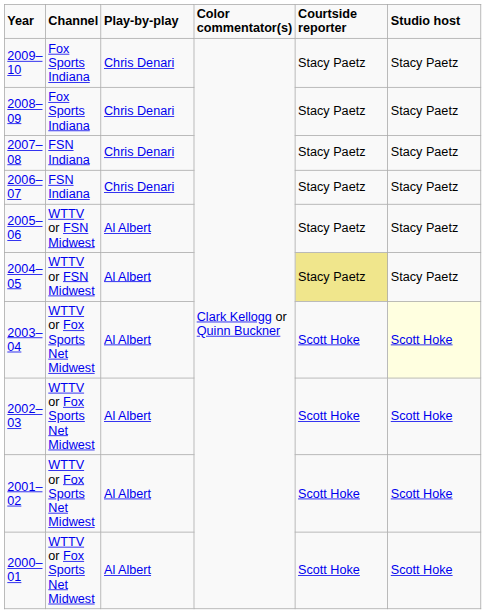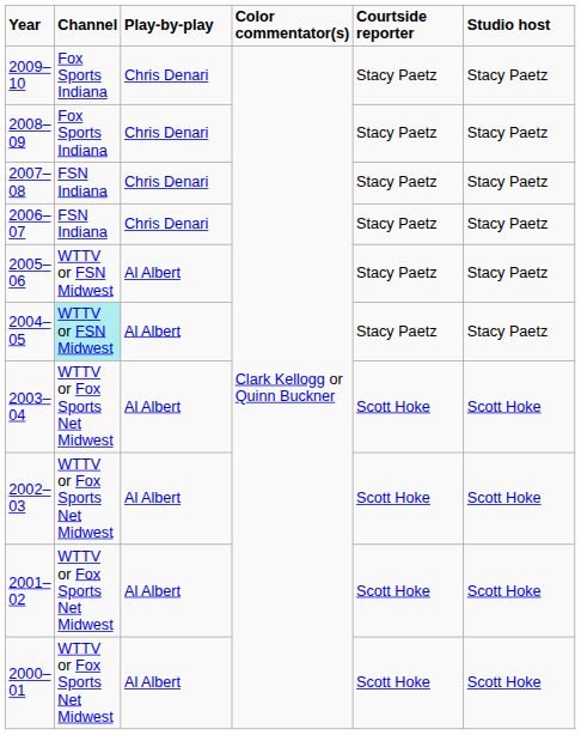 <table class="wikitable">
 <tr>
 <td width="40"><strong>Year</strong></td>
 <td width="40"><strong>Channel</strong></td>
 <td width="110"><strong>Play-by-play</strong></td>
 <td width="110"><strong>Color commentator(s)</strong></td>
 <td width="110"><strong>Courtside reporter</strong></td>
 <td width="110"><strong>Studio host</strong></td>
 </tr>
 <tr>
 <td><a href='#'>2009–10</a></td>
 <td><a href='#'>Fox Sports Indiana</a></td>
 <td><a href='#'>Chris Denari</a></td>
 <td rowspan=10><a href='#'>Clark Kellogg</a> or <a href='#'>Quinn Buckner</a></td>
 <td>Stacy Paetz</td>
 <td>Stacy Paetz</td>
 </tr>
 <tr>
 <td><a href='#'>2008–09</a></td>
 <td><a href='#'>Fox Sports Indiana</a></td>
 <td><a href='#'>Chris Denari</a></td>
 <td>Stacy Paetz</td>
 <td>Stacy Paetz</td>
 </tr>
 <tr>
 <td><a href='#'>2007–08</a></td>
 <td><a href='#'>FSN Indiana</a></td>
 <td><a href='#'>Chris Denari</a></td>
 <td>Stacy Paetz</td>
 <td>Stacy Paetz</td>
 </tr>
 <tr>
 <td><a href='#'>2006–07</a></td>
 <td><a href='#'>FSN Indiana</a></td>
 <td><a href='#'>Chris Denari</a></td>
 <td>Stacy Paetz</td>
 <td>Stacy Paetz</td>
 </tr>
 <tr>
 <td><a href='#'>2005–06</a></td>
 <td><a href='#'>WTTV</a> or <a href='#'>FSN Midwest</a></td>
 <td><a href='#'>Al Albert</a></td>
 <td>Stacy Paetz</td>
 <td>Stacy Paetz</td>
 </tr>
 <tr>
 <td><a href='#'>2004–05</a></td>
-<td><a href='#'>WTTV</a> or <a href='#'>FSN Midwest</a></td>
+<td style="background: paleturquoise;"><a href='#'>WTTV</a> or <a href='#'>FSN Midwest</a></td>
 <td><a href='#'>Al Albert</a></td>
-<td style="background: khaki;">Stacy Paetz</td>
+<td>Stacy Paetz</td>
 <td>Stacy Paetz</td>
 </tr>
 <tr>
 <td><a href='#'>2003–04</a></td>
 <td><a href='#'>WTTV</a> or <a href='#'>Fox Sports Net Midwest</a></td>
 <td><a href='#'>Al Albert</a></td>
 <td><a href='#'>Scott Hoke</a></td>
-<td style="background: lightyellow;"><a href='#'>Scott Hoke</a></td>
+<td><a href='#'>Scott Hoke</a></td>
 </tr>
 <tr>
 <td><a href='#'>2002–03</a></td>
 <td><a href='#'>WTTV</a> or <a href='#'>Fox Sports Net Midwest</a></td>
 <td><a href='#'>Al Albert</a></td>
 <td><a href='#'>Scott Hoke</a></td>
 <td><a href='#'>Scott Hoke</a></td>
 </tr>
 <tr>
 <td><a href='#'>2001–02</a></td>
 <td><a href='#'>WTTV</a> or <a href='#'>Fox Sports Net Midwest</a></td>
 <td><a href='#'>Al Albert</a></td>
 <td><a href='#'>Scott Hoke</a></td>
 <td><a href='#'>Scott Hoke</a></td>
 </tr>
 <tr>
 <td><a href='#'>2000–01</a></td>
 <td><a href='#'>WTTV</a> or <a href='#'>Fox Sports Net Midwest</a></td>
 <td><a href='#'>Al Albert</a></td>
 <td><a href='#'>Scott Hoke</a></td>
 <td><a href='#'>Scott Hoke</a></td>
 </tr>
 </table>
